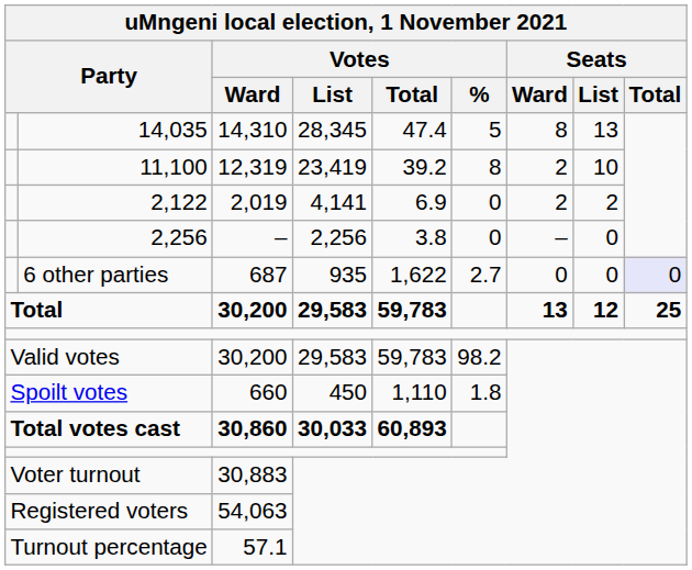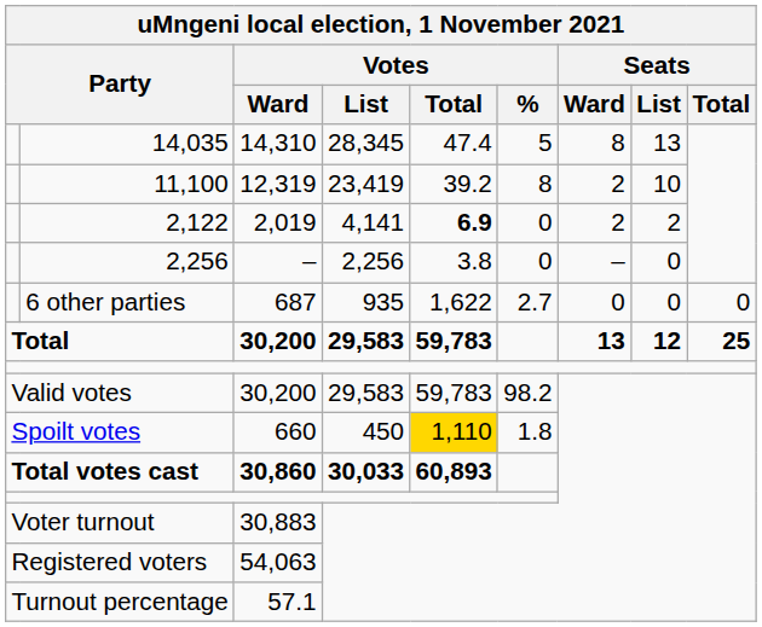 <table class=wikitable style="text-align:right">
 <tr>
 <th colspan="9" align="center">uMngeni local election, 1 November 2021</th>
 </tr>
 <tr>
 <th rowspan="2" colspan="2">Party</th>
 <th colspan="4" align="center">Votes</th>
 <th colspan="3" align="center">Seats</th>
 </tr>
 <tr>
 <th>Ward</th>
 <th>List</th>
 <th>Total</th>
 <th>%</th>
 <th>Ward</th>
 <th>List</th>
 <th>Total</th>
 </tr>
 <tr>
 <td></td>
 <td>14,035</td>
 <td>14,310</td>
 <td>28,345</td>
 <td>47.4</td>
 <td>5</td>
 <td>8</td>
 <td>13</td>
 </tr>
 <tr>
 <td></td>
 <td>11,100</td>
 <td>12,319</td>
 <td>23,419</td>
 <td>39.2</td>
 <td>8</td>
 <td>2</td>
 <td>10</td>
 </tr>
 <tr>
 <td></td>
 <td>2,122</td>
 <td>2,019</td>
 <td>4,141</td>
-<td>6.9</td>
+<td><strong>6.9</strong></td>
 <td>0</td>
 <td>2</td>
 <td>2</td>
 </tr>
 <tr>
 <td></td>
 <td>2,256</td>
 <td>–</td>
 <td>2,256</td>
 <td>3.8</td>
 <td>0</td>
 <td>–</td>
 <td>0</td>
 </tr>
 <tr>
 <td></td>
 <td style="text-align:left">6 other parties</td>
 <td>687</td>
 <td>935</td>
 <td>1,622</td>
 <td>2.7</td>
 <td>0</td>
 <td>0</td>
-<td style="background: lavender;">0</td>
+<td>0</td>
 </tr>
 <tr>
 <td colspan="2" style="text-align:left"><strong>Total</strong></td>
 <td><strong>30,200</strong></td>
 <td><strong>29,583</strong></td>
 <td><strong>59,783</strong></td>
 <td></td>
 <td><strong>13</strong></td>
 <td><strong>12</strong></td>
 <td><strong>25</strong></td>
 </tr>
 <tr>
 <td colspan="9"></td>
 </tr>
 <tr>
 <td colspan="2" style="text-align:left">Valid votes</td>
 <td>30,200</td>
 <td>29,583</td>
 <td>59,783</td>
 <td>98.2</td>
 </tr>
 <tr>
 <td colspan="2" style="text-align:left"><a href='#'>Spoilt votes</a></td>
 <td>660</td>
 <td>450</td>
-<td>1,110</td>
+<td style="background: gold;">1,110</td>
 <td>1.8</td>
 </tr>
 <tr>
 <td colspan="2" style="text-align:left"><strong>Total votes cast</strong></td>
 <td><strong>30,860</strong></td>
 <td><strong>30,033</strong></td>
 <td><strong>60,893</strong></td>
 <td></td>
 </tr>
 <tr>
 <td colspan="6"></td>
 </tr>
 <tr>
 <td colspan="2" style="text-align:left">Voter turnout</td>
 <td>30,883</td>
 </tr>
 <tr>
 <td colspan="2" style="text-align:left">Registered voters</td>
 <td>54,063</td>
 </tr>
 <tr>
 <td colspan="2" style="text-align:left">Turnout percentage</td>
 <td>57.1</td>
 </tr>
 </table>
